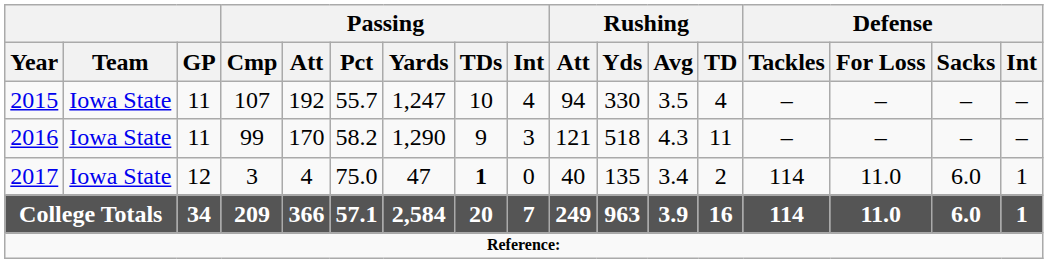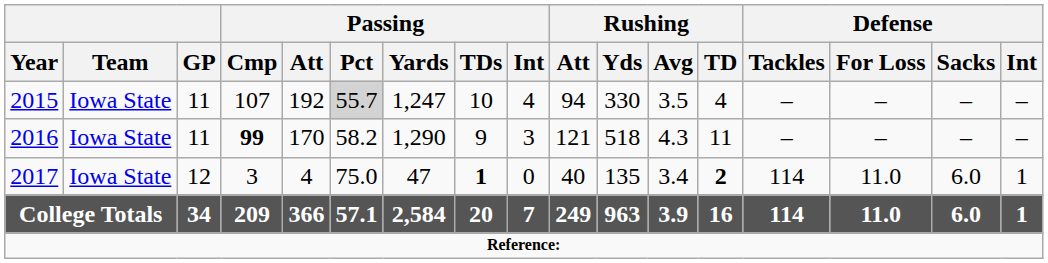 <table class="wikitable" style="text-align:center;">
 <tr>
 <th colspan=3></th>
 <th colspan=6>Passing</th>
 <th colspan=4>Rushing</th>
 <th colspan=4>Defense</th>
 </tr>
 <tr>
 <th>Year</th>
 <th>Team</th>
 <th>GP</th>
 <th>Cmp</th>
 <th>Att</th>
 <th>Pct</th>
 <th>Yards</th>
 <th>TDs</th>
 <th>Int</th>
 <th>Att</th>
 <th>Yds</th>
 <th>Avg</th>
 <th>TD</th>
 <th>Tackles</th>
 <th>For Loss</th>
 <th>Sacks</th>
 <th>Int</th>
 </tr>
 <tr>
 <td><a href='#'>2015</a></td>
 <td><a href='#'>Iowa State</a></td>
 <td>11</td>
 <td>107</td>
 <td>192</td>
-<td>55.7</td>
+<td style="background: lightgrey;">55.7</td>
 <td>1,247</td>
 <td>10</td>
 <td>4</td>
 <td>94</td>
 <td>330</td>
 <td>3.5</td>
 <td>4</td>
 <td>–</td>
 <td>–</td>
 <td>–</td>
 <td>–</td>
 </tr>
 <tr>
 <td><a href='#'>2016</a></td>
 <td><a href='#'>Iowa State</a></td>
 <td>11</td>
-<td>99</td>
+<td><strong>99</strong></td>
 <td>170</td>
 <td>58.2</td>
 <td>1,290</td>
 <td>9</td>
 <td>3</td>
 <td>121</td>
 <td>518</td>
 <td>4.3</td>
 <td>11</td>
 <td>–</td>
 <td>–</td>
 <td>–</td>
 <td>–</td>
 </tr>
 <tr>
 <td><a href='#'>2017</a></td>
 <td><a href='#'>Iowa State</a></td>
 <td>12</td>
 <td>3</td>
 <td>4</td>
 <td>75.0</td>
 <td>47</td>
 <td><strong>1</strong></td>
 <td>0</td>
 <td>40</td>
 <td>135</td>
 <td>3.4</td>
-<td>2</td>
+<td><strong>2</strong></td>
 <td>114</td>
 <td>11.0</td>
 <td>6.0</td>
 <td>1</td>
 </tr>
 <tr style="background:#555; font-weight:bold; color:white;">
 <td colspan=2>College Totals</td>
 <td>34</td>
 <td>209</td>
 <td>366</td>
 <td>57.1</td>
 <td>2,584</td>
 <td>20</td>
 <td>7</td>
 <td>249</td>
 <td>963</td>
 <td>3.9</td>
 <td>16</td>
 <td>114</td>
 <td>11.0</td>
 <td>6.0</td>
 <td>1</td>
 </tr>
 <tr>
 <td colspan="17"  style="font-size:8pt; text-align:center;"><strong>Reference:</strong></td>
 </tr>
 </table>
